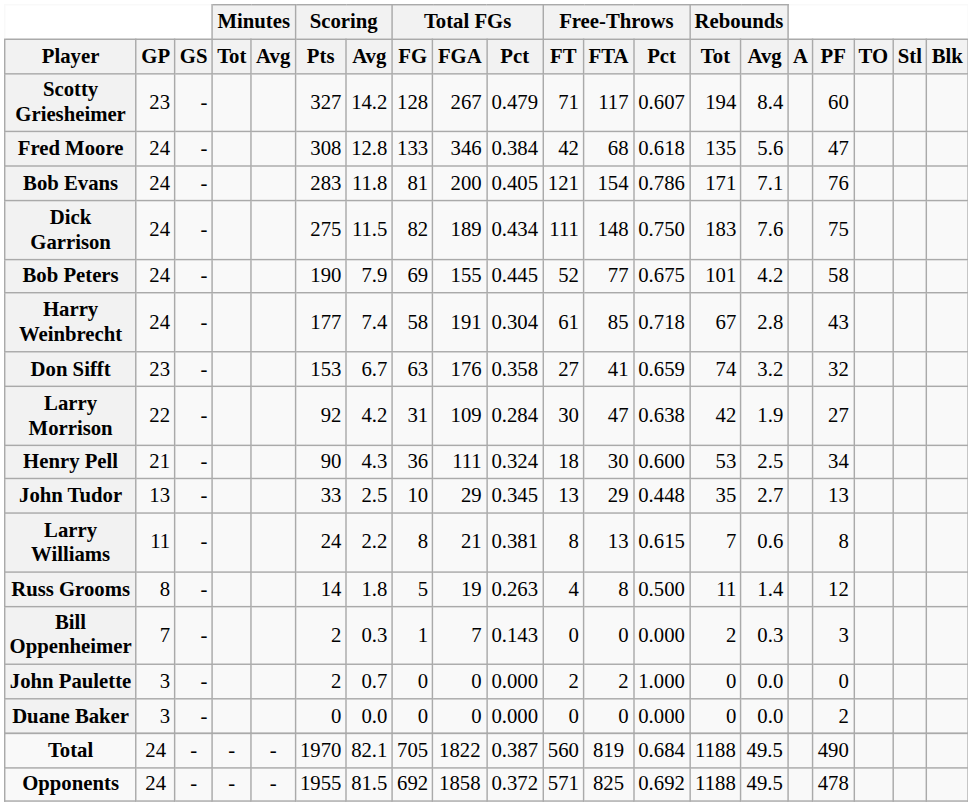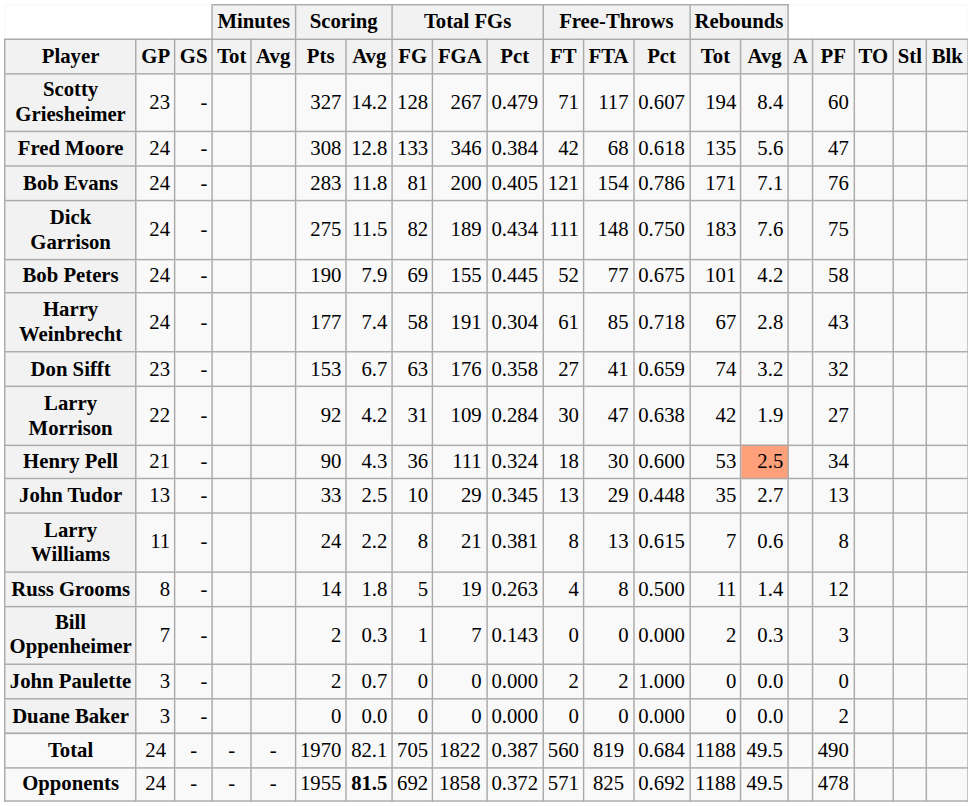 <table class="wikitable sortable" border="1" style="font-size:90%;">
 <tr>
 <th colspan="3" style="border-top-style:hidden; border-left-style:hidden; background: white;"></th>
 <th colspan="2" style=>Minutes</th>
 <th colspan="2" style=>Scoring</th>
 <th colspan="3" style=>Total FGs</th>
 <th colspan="3" style=>Free-Throws</th>
 <th colspan="2" style=>Rebounds</th>
 <th colspan="5" style="border-top-style:hidden; border-right-style:hidden; background: white;"></th>
 </tr>
 <tr>
 <th scope="col" style=>Player</th>
 <th scope="col" style=>GP</th>
 <th scope="col" style=>GS</th>
 <th scope="col" style=>Tot</th>
 <th scope="col" style=>Avg</th>
 <th scope="col" style=>Pts</th>
 <th scope="col" style=>Avg</th>
 <th scope="col" style=>FG</th>
 <th scope="col" style=>FGA</th>
 <th scope="col" style=>Pct</th>
 <th scope="col" style=>FT</th>
 <th scope="col" style=>FTA</th>
 <th scope="col" style=>Pct</th>
 <th scope="col" style=>Tot</th>
 <th scope="col" style=>Avg</th>
 <th scope="col" style=>A</th>
 <th scope="col" style=>PF</th>
 <th scope="col" style=>TO</th>
 <th scope="col" style=>Stl</th>
 <th scope="col" style=>Blk</th>
 </tr>
 <tr>
 <th>Scotty Griesheimer</th>
 <td align="right">23</td>
 <td align="right">-</td>
 <td align="right"></td>
 <td align="right"></td>
 <td align="right">327</td>
 <td align="right">14.2</td>
 <td align="right">128</td>
 <td align="right">267</td>
 <td align="right">0.479</td>
 <td align="right">71</td>
 <td align="right">117</td>
 <td align="right">0.607</td>
 <td align="right">194</td>
 <td align="right">8.4</td>
 <td align="right"></td>
 <td align="right">60</td>
 <td align="right"></td>
 <td align="right"></td>
 <td align="right"></td>
 </tr>
 <tr>
 <th>Fred Moore</th>
 <td align="right">24</td>
 <td align="right">-</td>
 <td align="right"></td>
 <td align="right"></td>
 <td align="right">308</td>
 <td align="right">12.8</td>
 <td align="right">133</td>
 <td align="right">346</td>
 <td align="right">0.384</td>
 <td align="right">42</td>
 <td align="right">68</td>
 <td align="right">0.618</td>
 <td align="right">135</td>
 <td align="right">5.6</td>
 <td align="right"></td>
 <td align="right">47</td>
 <td align="right"></td>
 <td align="right"></td>
 <td align="right"></td>
 </tr>
 <tr>
 <th>Bob Evans</th>
 <td align="right">24</td>
 <td align="right">-</td>
 <td align="right"></td>
 <td align="right"></td>
 <td align="right">283</td>
 <td align="right">11.8</td>
 <td align="right">81</td>
 <td align="right">200</td>
 <td align="right">0.405</td>
 <td align="right">121</td>
 <td align="right">154</td>
 <td align="right">0.786</td>
 <td align="right">171</td>
 <td align="right">7.1</td>
 <td align="right"></td>
 <td align="right">76</td>
 <td align="right"></td>
 <td align="right"></td>
 <td align="right"></td>
 </tr>
 <tr>
 <th>Dick Garrison</th>
 <td align="right">24</td>
 <td align="right">-</td>
 <td align="right"></td>
 <td align="right"></td>
 <td align="right">275</td>
 <td align="right">11.5</td>
 <td align="right">82</td>
 <td align="right">189</td>
 <td align="right">0.434</td>
 <td align="right">111</td>
 <td align="right">148</td>
 <td align="right">0.750</td>
 <td align="right">183</td>
 <td align="right">7.6</td>
 <td align="right"></td>
 <td align="right">75</td>
 <td align="right"></td>
 <td align="right"></td>
 <td align="right"></td>
 </tr>
 <tr>
 <th>Bob Peters</th>
 <td align="right">24</td>
 <td align="right">-</td>
 <td align="right"></td>
 <td align="right"></td>
 <td align="right">190</td>
 <td align="right">7.9</td>
 <td align="right">69</td>
 <td align="right">155</td>
 <td align="right">0.445</td>
 <td align="right">52</td>
 <td align="right">77</td>
 <td align="right">0.675</td>
 <td align="right">101</td>
 <td align="right">4.2</td>
 <td align="right"></td>
 <td align="right">58</td>
 <td align="right"></td>
 <td align="right"></td>
 <td align="right"></td>
 </tr>
 <tr>
 <th>Harry Weinbrecht</th>
 <td align="right">24</td>
 <td align="right">-</td>
 <td align="right"></td>
 <td align="right"></td>
 <td align="right">177</td>
 <td align="right">7.4</td>
 <td align="right">58</td>
 <td align="right">191</td>
 <td align="right">0.304</td>
 <td align="right">61</td>
 <td align="right">85</td>
 <td align="right">0.718</td>
 <td align="right">67</td>
 <td align="right">2.8</td>
 <td align="right"></td>
 <td align="right">43</td>
 <td align="right"></td>
 <td align="right"></td>
 <td align="right"></td>
 </tr>
 <tr>
 <th>Don Sifft</th>
 <td align="right">23</td>
 <td align="right">-</td>
 <td align="right"></td>
 <td align="right"></td>
 <td align="right">153</td>
 <td align="right">6.7</td>
 <td align="right">63</td>
 <td align="right">176</td>
 <td align="right">0.358</td>
 <td align="right">27</td>
 <td align="right">41</td>
 <td align="right">0.659</td>
 <td align="right">74</td>
 <td align="right">3.2</td>
 <td align="right"></td>
 <td align="right">32</td>
 <td align="right"></td>
 <td align="right"></td>
 <td align="right"></td>
 </tr>
 <tr>
 <th>Larry Morrison</th>
 <td align="right">22</td>
 <td align="right">-</td>
 <td align="right"></td>
 <td align="right"></td>
 <td align="right">92</td>
 <td align="right">4.2</td>
 <td align="right">31</td>
 <td align="right">109</td>
 <td align="right">0.284</td>
 <td align="right">30</td>
 <td align="right">47</td>
 <td align="right">0.638</td>
 <td align="right">42</td>
 <td align="right">1.9</td>
 <td align="right"></td>
 <td align="right">27</td>
 <td align="right"></td>
 <td align="right"></td>
 <td align="right"></td>
 </tr>
 <tr>
 <th>Henry Pell</th>
 <td align="right">21</td>
 <td align="right">-</td>
 <td align="right"></td>
 <td align="right"></td>
 <td align="right">90</td>
 <td align="right">4.3</td>
 <td align="right">36</td>
 <td align="right">111</td>
 <td align="right">0.324</td>
 <td align="right">18</td>
 <td align="right">30</td>
 <td align="right">0.600</td>
 <td align="right">53</td>
-<td align="right">2.5</td>
+<td align="right" style="background: lightsalmon;">2.5</td>
 <td align="right"></td>
 <td align="right">34</td>
 <td align="right"></td>
 <td align="right"></td>
 <td align="right"></td>
 </tr>
 <tr>
 <th>John Tudor</th>
 <td align="right">13</td>
 <td align="right">-</td>
 <td align="right"></td>
 <td align="right"></td>
 <td align="right">33</td>
 <td align="right">2.5</td>
 <td align="right">10</td>
 <td align="right">29</td>
 <td align="right">0.345</td>
 <td align="right">13</td>
 <td align="right">29</td>
 <td align="right">0.448</td>
 <td align="right">35</td>
 <td align="right">2.7</td>
 <td align="right"></td>
 <td align="right">13</td>
 <td align="right"></td>
 <td align="right"></td>
 <td align="right"></td>
 </tr>
 <tr>
 <th>Larry Williams</th>
 <td align="right">11</td>
 <td align="right">-</td>
 <td align="right"></td>
 <td align="right"></td>
 <td align="right">24</td>
 <td align="right">2.2</td>
 <td align="right">8</td>
 <td align="right">21</td>
 <td align="right">0.381</td>
 <td align="right">8</td>
 <td align="right">13</td>
 <td align="right">0.615</td>
 <td align="right">7</td>
 <td align="right">0.6</td>
 <td align="right"></td>
 <td align="right">8</td>
 <td align="right"></td>
 <td align="right"></td>
 <td align="right"></td>
 </tr>
 <tr>
 <th>Russ Grooms</th>
 <td align="right">8</td>
 <td align="right">-</td>
 <td align="right"></td>
 <td align="right"></td>
 <td align="right">14</td>
 <td align="right">1.8</td>
 <td align="right">5</td>
 <td align="right">19</td>
 <td align="right">0.263</td>
 <td align="right">4</td>
 <td align="right">8</td>
 <td align="right">0.500</td>
 <td align="right">11</td>
 <td align="right">1.4</td>
 <td align="right"></td>
 <td align="right">12</td>
 <td align="right"></td>
 <td align="right"></td>
 <td align="right"></td>
 </tr>
 <tr>
 <th>Bill Oppenheimer</th>
 <td align="right">7</td>
 <td align="right">-</td>
 <td align="right"></td>
 <td align="right"></td>
 <td align="right">2</td>
 <td align="right">0.3</td>
 <td align="right">1</td>
 <td align="right">7</td>
 <td align="right">0.143</td>
 <td align="right">0</td>
 <td align="right">0</td>
 <td align="right">0.000</td>
 <td align="right">2</td>
 <td align="right">0.3</td>
 <td align="right"></td>
 <td align="right">3</td>
 <td align="right"></td>
 <td align="right"></td>
 <td align="right"></td>
 </tr>
 <tr>
 <th>John Paulette</th>
 <td align="right">3</td>
 <td align="right">-</td>
 <td align="right"></td>
 <td align="right"></td>
 <td align="right">2</td>
 <td align="right">0.7</td>
 <td align="right">0</td>
 <td align="right">0</td>
 <td align="right">0.000</td>
 <td align="right">2</td>
 <td align="right">2</td>
 <td align="right">1.000</td>
 <td align="right">0</td>
 <td align="right">0.0</td>
 <td align="right"></td>
 <td align="right">0</td>
 <td align="right"></td>
 <td align="right"></td>
 <td align="right"></td>
 </tr>
 <tr>
 <th>Duane Baker</th>
 <td align="right">3</td>
 <td align="right">-</td>
 <td align="right"></td>
 <td align="right"></td>
 <td align="right">0</td>
 <td align="right">0.0</td>
 <td align="right">0</td>
 <td align="right">0</td>
 <td align="right">0.000</td>
 <td align="right">0</td>
 <td align="right">0</td>
 <td align="right">0.000</td>
 <td align="right">0</td>
 <td align="right">0.0</td>
 <td align="right"></td>
 <td align="right">2</td>
 <td align="right"></td>
 <td align="right"></td>
 <td align="right"></td>
 </tr>
 <tr>
 </tr>
 <tr class="sortbottom">
 <td align="center" style=><strong>Total</strong></td>
 <td align="center" style=>24</td>
 <td align="center" style=>-</td>
 <td align="center" style=>-</td>
 <td align="center" style=>-</td>
 <td align="center" style=>1970</td>
 <td align="center" style=>82.1</td>
 <td align="center" style=>705</td>
 <td align="center" style=>1822</td>
 <td align="center" style=>0.387</td>
 <td align="center" style=>560</td>
 <td align="center" style=>819</td>
 <td align="center" style=>0.684</td>
 <td align="center" style=>1188</td>
 <td align="center" style=>49.5</td>
 <td align="center" style=></td>
 <td align="center" style=>490</td>
 <td align="center" style=></td>
 <td align="center" style=></td>
 <td align="center" style=></td>
 </tr>
 <tr class="sortbottom">
 <td align="center"><strong>Opponents</strong></td>
 <td align="center">24</td>
 <td align="center">-</td>
 <td align="center">-</td>
 <td align="center">-</td>
 <td align="center">1955</td>
-<td align="center">81.5</td>
+<td align="center"><strong>81.5</strong></td>
 <td align="center">692</td>
 <td align="center">1858</td>
 <td align="center">0.372</td>
 <td align="center">571</td>
 <td align="center">825</td>
 <td align="center">0.692</td>
 <td align="center">1188</td>
 <td align="center">49.5</td>
 <td align="center"></td>
 <td align="center">478</td>
 <td align="center"></td>
 <td align="center"></td>
 <td align="center"></td>
 </tr>
 </table>
